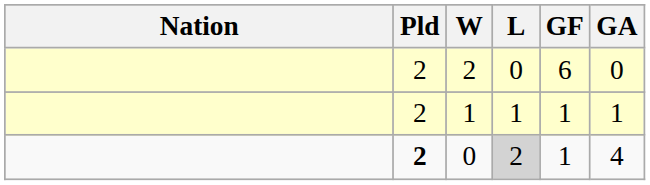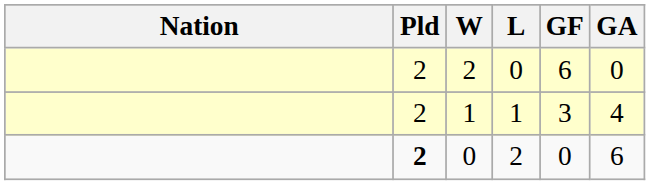 <table class=wikitable style="text-align:center">
 <tr>
 <th width=220]]>Nation</th>
 <th width=20]]>Pld</th>
 <th width=20>W</th>
 <th width=20]]>L</th>
 <th width=20]]>GF</th>
 <th width=20]]>GA</th>
 </tr>
 <tr bgcolor=#ffffcc>
 <td align=left></td>
 <td>2</td>
 <td>2</td>
 <td>0</td>
 <td>6</td>
 <td>0</td>
 </tr>
 <tr bgcolor=#ffffcc>
 <td align=left></td>
 <td>2</td>
 <td>1</td>
 <td>1</td>
-<td>1</td>
-<td>1</td>
+<td>3</td>
+<td>4</td>
 </tr>
 <tr>
 <td align=left></td>
 <td><strong>2</strong></td>
 <td>0</td>
-<td style="background: lightgrey;">2</td>
-<td>1</td>
-<td>4</td>
+<td>2</td>
+<td>0</td>
+<td>6</td>
 </tr>
 </table>
